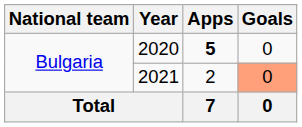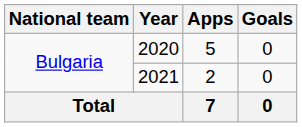 <table class="wikitable" style="text-align:center">
 <tr>
 <th>National team</th>
 <th>Year</th>
 <th>Apps</th>
 <th>Goals</th>
 </tr>
 <tr>
 <td rowspan="2"><a href='#'>Bulgaria</a></td>
 <td>2020</td>
-<td><strong>5</strong></td>
+<td>5</td>
 <td>0</td>
 </tr>
 <tr>
 <td>2021</td>
 <td>2</td>
-<td style="background: lightsalmon;">0</td>
+<td>0</td>
 </tr>
 <tr>
 <th colspan="2">Total</th>
 <th>7</th>
 <th>0</th>
 </tr>
 </table>
